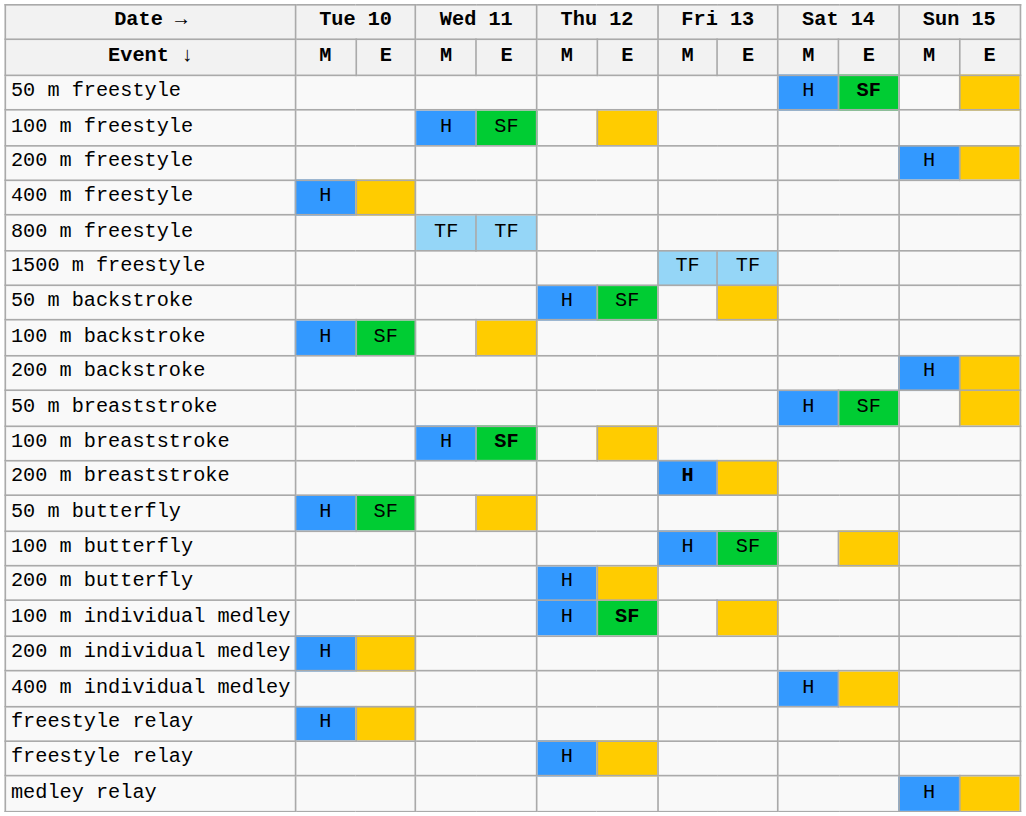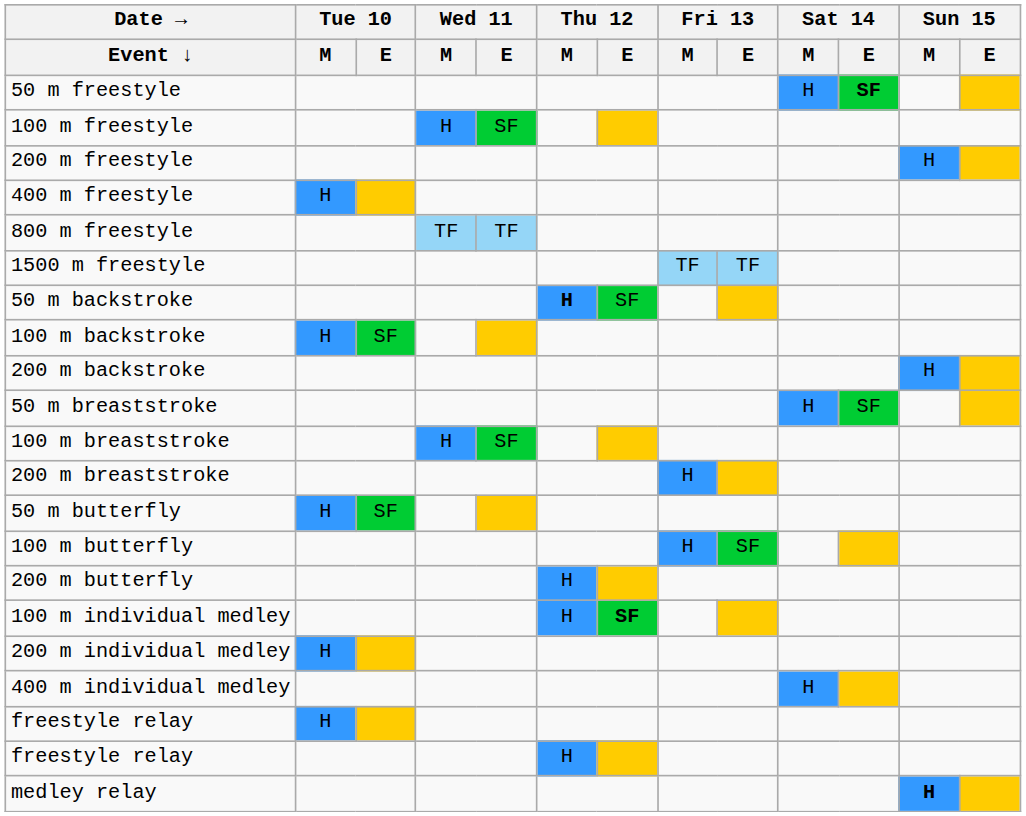 <table class="wikitable" style="margin:0.5em auto; font-size:95%; line-height:1.25em;">
 <tr style="text-align:center;">
 <th>Date →</th>
 <th colspan="2">Tue 10</th>
 <th colspan="2">Wed 11</th>
 <th colspan="2">Thu 12</th>
 <th colspan="2">Fri 13</th>
 <th colspan="2">Sat 14</th>
 <th colspan="2">Sun 15</th>
 </tr>
 <tr>
 <th>Event   ↓</th>
 <th style="width:2.5em;">M</th>
 <th style="width:2.5em;">E</th>
 <th style="width:2.5em;">M</th>
 <th style="width:2.5em;">E</th>
 <th style="width:2.5em;">M</th>
 <th style="width:2.5em;">E</th>
 <th style="width:2.5em;">M</th>
 <th style="width:2.5em;">E</th>
 <th style="width:2.5em;">M</th>
 <th style="width:2.5em;">E</th>
 <th style="width:2.5em;">M</th>
 <th style="width:2.5em;">E</th>
 </tr>
 <tr style="text-align:center;">
 <td style="text-align:left;">50 m freestyle</td>
 <td colspan="2"></td>
 <td colspan="2"></td>
 <td colspan="2"></td>
 <td colspan="2"></td>
 <td style="background-color:#3399ff;">H</td>
 <td style="background-color:#00cc33;"><strong>SF</strong></td>
 <td></td>
 <td style="background-color:#ffcc00;"></td>
 </tr>
 <tr style="text-align:center;">
 <td style="text-align:left;">100 m freestyle</td>
 <td colspan="2"></td>
 <td style="background-color:#3399ff;">H</td>
 <td style="background-color:#00cc33;">SF</td>
 <td></td>
 <td style="background-color:#ffcc00;"></td>
 <td colspan="2"></td>
 <td colspan="2"></td>
 <td colspan="2"></td>
 </tr>
 <tr style="text-align:center;">
 <td style="text-align:left;">200 m freestyle</td>
 <td colspan="2"></td>
 <td colspan="2"></td>
 <td colspan="2"></td>
 <td colspan="2"></td>
 <td colspan="2"></td>
 <td style="background-color:#3399ff;">H</td>
 <td style="background-color:#ffcc00;"></td>
 </tr>
 <tr style="text-align:center;">
 <td style="text-align:left;">400 m freestyle</td>
 <td style="background-color:#3399ff;">H</td>
 <td style="background-color:#ffcc00;"></td>
 <td colspan="2"></td>
 <td colspan="2"></td>
 <td colspan="2"></td>
 <td colspan="2"></td>
 <td colspan="2"></td>
 </tr>
 <tr style="text-align:center;">
 <td style="text-align:left;">800 m freestyle</td>
 <td colspan="2"></td>
 <td style="background-color:#95d6f7;">TF</td>
 <td style="background-color:#95d6f7;">TF</td>
 <td colspan="2"></td>
 <td colspan="2"></td>
 <td colspan="2"></td>
 <td colspan="2"></td>
 </tr>
 <tr style="text-align:center;">
 <td style="text-align:left;">1500 m freestyle</td>
 <td colspan="2"></td>
 <td colspan="2"></td>
 <td colspan="2"></td>
 <td style="background-color:#95d6f7;">TF</td>
 <td style="background-color:#95d6f7;">TF</td>
 <td colspan="2"></td>
 <td colspan="2"></td>
 </tr>
 <tr style="text-align:center;">
 <td style="text-align:left;">50 m backstroke</td>
 <td colspan="2"></td>
 <td colspan="2"></td>
-<td style="background-color:#3399ff;">H</td>
+<td style="background-color:#3399ff;"><strong>H</strong></td>
 <td style="background-color:#00cc33;">SF</td>
 <td></td>
 <td style="background-color:#ffcc00;"></td>
 <td colspan="2"></td>
 <td colspan="2"></td>
 </tr>
 <tr style="text-align:center;">
 <td style="text-align:left;">100 m backstroke</td>
 <td style="background-color:#3399ff;">H</td>
 <td style="background-color:#00cc33;">SF</td>
 <td></td>
 <td style="background-color:#ffcc00;"></td>
 <td colspan="2"></td>
 <td colspan="2"></td>
 <td colspan="2"></td>
 <td colspan="2"></td>
 </tr>
 <tr style="text-align:center;">
 <td style="text-align:left;">200 m backstroke</td>
 <td colspan="2"></td>
 <td colspan="2"></td>
 <td colspan="2"></td>
 <td colspan="2"></td>
 <td colspan="2"></td>
 <td style="background-color:#3399ff;">H</td>
 <td style="background-color:#ffcc00;"></td>
 </tr>
 <tr style="text-align:center;">
 <td style="text-align:left;">50 m breaststroke</td>
 <td colspan="2"></td>
 <td colspan="2"></td>
 <td colspan="2"></td>
 <td colspan="2"></td>
 <td style="background-color:#3399ff;">H</td>
 <td style="background-color:#00cc33;">SF</td>
 <td></td>
 <td style="background-color:#ffcc00;"></td>
 </tr>
 <tr style="text-align:center;">
 <td style="text-align:left;">100 m breaststroke</td>
 <td colspan="2"></td>
 <td style="background-color:#3399ff;">H</td>
-<td style="background-color:#00cc33;"><strong>SF</strong></td>
+<td style="background-color:#00cc33;">SF</td>
 <td></td>
 <td style="background-color:#ffcc00;"></td>
 <td colspan="2"></td>
 <td colspan="2"></td>
 <td colspan="2"></td>
 </tr>
 <tr style="text-align:center;">
 <td style="text-align:left;">200 m breaststroke</td>
 <td colspan="2"></td>
 <td colspan="2"></td>
 <td colspan="2"></td>
-<td style="background-color:#3399ff;"><strong>H</strong></td>
+<td style="background-color:#3399ff;">H</td>
 <td style="background-color:#ffcc00;"></td>
 <td colspan="2"></td>
 <td colspan="2"></td>
 </tr>
 <tr style="text-align:center;">
 <td style="text-align:left;">50 m butterfly</td>
 <td style="background-color:#3399ff;">H</td>
 <td style="background-color:#00cc33;">SF</td>
 <td></td>
 <td style="background-color:#ffcc00;"></td>
 <td colspan="2"></td>
 <td colspan="2"></td>
 <td colspan="2"></td>
 <td colspan="2"></td>
 </tr>
 <tr style="text-align:center;">
 <td style="text-align:left;">100 m butterfly</td>
 <td colspan="2"></td>
 <td colspan="2"></td>
 <td colspan="2"></td>
 <td style="background-color:#3399ff;">H</td>
 <td style="background-color:#00cc33;">SF</td>
 <td></td>
 <td style="background-color:#ffcc00;"></td>
 <td colspan="2"></td>
 </tr>
 <tr style="text-align:center;">
 <td style="text-align:left;">200 m butterfly</td>
 <td colspan="2"></td>
 <td colspan="2"></td>
 <td style="background-color:#3399ff;">H</td>
 <td style="background-color:#ffcc00;"></td>
 <td colspan="2"></td>
 <td colspan="2"></td>
 <td colspan="2"></td>
 </tr>
 <tr style="text-align:center;">
 <td style="text-align:left;">100 m individual medley</td>
 <td colspan="2"></td>
 <td colspan="2"></td>
 <td style="background-color:#3399ff;">H</td>
 <td style="background-color:#00cc33;"><strong>SF</strong></td>
 <td></td>
 <td style="background-color:#ffcc00;"></td>
 <td colspan="2"></td>
 <td colspan="2"></td>
 </tr>
 <tr style="text-align:center;">
 <td style="text-align:left;">200 m individual medley</td>
 <td style="background-color:#3399ff;">H</td>
 <td style="background-color:#ffcc00;"></td>
 <td colspan="2"></td>
 <td colspan="2"></td>
 <td colspan="2"></td>
 <td colspan="2"></td>
 <td colspan="2"></td>
 </tr>
 <tr style="text-align:center;">
 <td style="text-align:left;">400 m individual medley</td>
 <td colspan="2"></td>
 <td colspan="2"></td>
 <td colspan="2"></td>
 <td colspan="2"></td>
 <td style="background-color:#3399ff;">H</td>
 <td style="background-color:#ffcc00;"></td>
 <td colspan="2"></td>
 </tr>
 <tr style="text-align:center;">
 <td style="text-align:left;"> freestyle relay</td>
 <td style="background-color:#3399ff;">H</td>
 <td style="background-color:#ffcc00;"></td>
 <td colspan="2"></td>
 <td colspan="2"></td>
 <td colspan="2"></td>
 <td colspan="2"></td>
 <td colspan="2"></td>
 </tr>
 <tr style="text-align:center;">
 <td style="text-align:left;"> freestyle relay</td>
 <td colspan="2"></td>
 <td colspan="2"></td>
 <td style="background-color:#3399ff;">H</td>
 <td style="background-color:#ffcc00;"></td>
 <td colspan="2"></td>
 <td colspan="2"></td>
 <td colspan="2"></td>
 </tr>
 <tr style="text-align:center;">
 <td style="text-align:left;"> medley relay</td>
 <td colspan="2"></td>
 <td colspan="2"></td>
 <td colspan="2"></td>
 <td colspan="2"></td>
 <td colspan="2"></td>
-<td style="background-color:#3399ff;">H</td>
+<td style="background-color:#3399ff;"><strong>H</strong></td>
 <td style="background-color:#ffcc00;"></td>
 </tr>
 </table>
